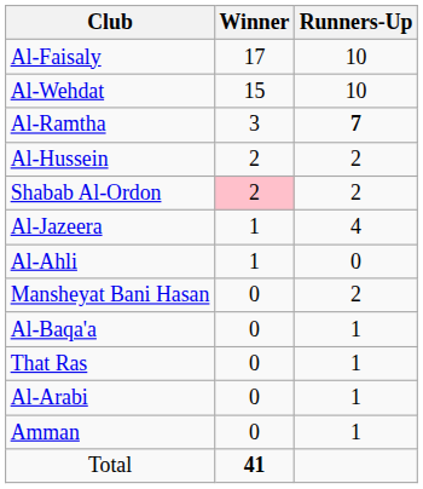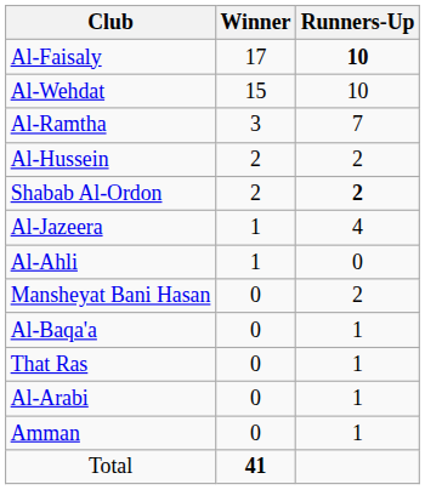 <table class="wikitable" style="text-align:center;">
 <tr>
 <th>Club<br></th>
 <th>Winner<br></th>
 <th>Runners-Up<br></th>
 </tr>
 <tr>
 <td style="text-align:left;"><a href='#'>Al-Faisaly</a></td>
 <td>17</td>
-<td>10</td>
+<td><strong>10</strong></td>
 </tr>
 <tr>
 <td style="text-align:left;"><a href='#'>Al-Wehdat</a></td>
 <td>15</td>
 <td>10</td>
 </tr>
 <tr>
 <td style="text-align:left;"><a href='#'>Al-Ramtha</a></td>
 <td>3</td>
-<td><strong>7</strong></td>
+<td>7</td>
 </tr>
 <tr>
 <td style="text-align:left;"><a href='#'>Al-Hussein</a></td>
 <td>2</td>
 <td>2</td>
 </tr>
 <tr>
 <td style="text-align:left;"><a href='#'>Shabab Al-Ordon</a></td>
-<td style="background: pink;">2</td>
 <td>2</td>
+<td><strong>2</strong></td>
 </tr>
 <tr>
 <td style="text-align:left;"><a href='#'>Al-Jazeera</a></td>
 <td>1</td>
 <td>4</td>
 </tr>
 <tr>
 <td style="text-align:left;"><a href='#'>Al-Ahli</a></td>
 <td>1</td>
 <td>0</td>
 </tr>
 <tr>
 <td style="text-align:left;"><a href='#'>Mansheyat Bani Hasan</a></td>
 <td>0</td>
 <td>2</td>
 </tr>
 <tr>
 <td style="text-align:left;"><a href='#'>Al-Baqa'a</a></td>
 <td>0</td>
 <td>1</td>
 </tr>
 <tr>
 <td style="text-align:left;"><a href='#'>That Ras</a></td>
 <td>0</td>
 <td>1</td>
 </tr>
 <tr>
 <td style="text-align:left;"><a href='#'>Al-Arabi</a></td>
 <td>0</td>
 <td>1</td>
 </tr>
 <tr>
 <td style="text-align:left;"><a href='#'>Amman</a></td>
 <td>0</td>
 <td>1</td>
 </tr>
 <tr>
 <td>Total</td>
 <td><strong>41</strong></td>
 </tr>
 </table>
